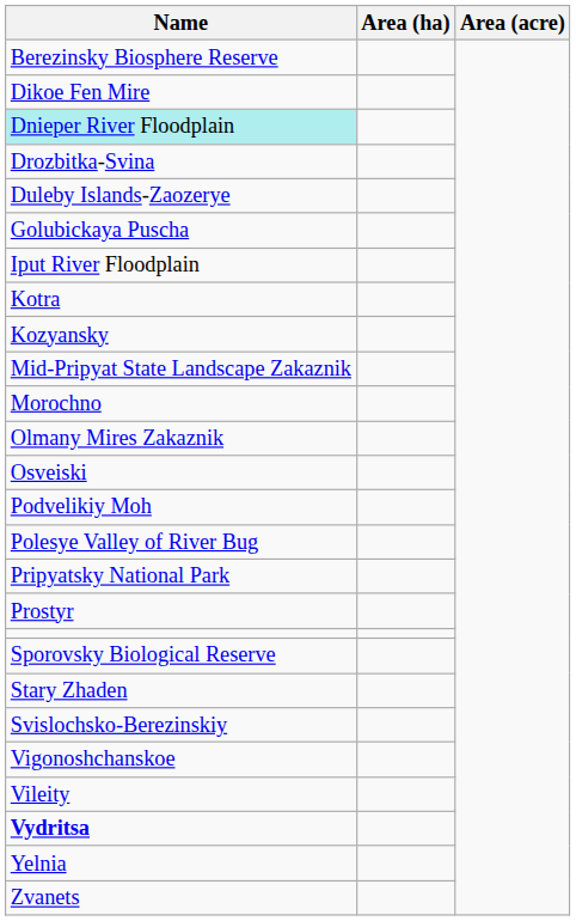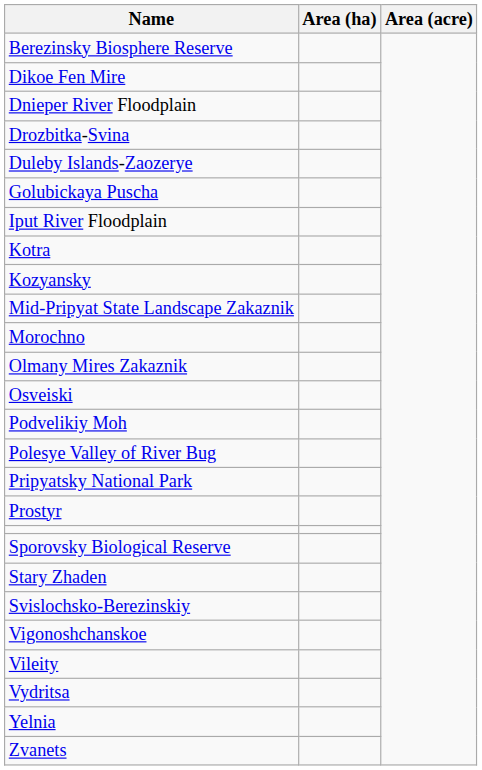 <table class="wikitable">
 <tr>
 <th scope="col" align=left>Name</th>
 <th scope="col">Area (ha)</th>
 <th scope="col">Area (acre)</th>
 </tr>
 <tr ---->
 <td><a href='#'>Berezinsky Biosphere Reserve</a></td>
 <td></td>
 </tr>
 <tr ---->
 <td><a href='#'>Dikoe Fen Mire</a></td>
 <td></td>
 </tr>
 <tr ---->
-<td style="background: paleturquoise;"><a href='#'>Dnieper River</a> Floodplain</td>
+<td><a href='#'>Dnieper River</a> Floodplain</td>
 <td></td>
 </tr>
 <tr ---->
 <td><a href='#'>Drozbitka</a>-<a href='#'>Svina</a></td>
 <td></td>
 </tr>
 <tr ---->
 <td><a href='#'>Duleby Islands</a>-<a href='#'>Zaozerye</a></td>
 <td></td>
 </tr>
 <tr ---->
 <td><a href='#'>Golubickaya Puscha</a></td>
 <td></td>
 </tr>
 <tr ---->
 <td><a href='#'>Iput River</a> Floodplain</td>
 <td></td>
 </tr>
 <tr ---->
 <td><a href='#'>Kotra</a></td>
 <td></td>
 </tr>
 <tr ---->
 <td><a href='#'>Kozyansky</a></td>
 <td></td>
 </tr>
 <tr ---->
 <td><a href='#'>Mid-Pripyat State Landscape Zakaznik</a></td>
 <td></td>
 </tr>
 <tr ---->
 <td><a href='#'>Morochno</a></td>
 <td></td>
 </tr>
 <tr ---->
 <td><a href='#'>Olmany Mires Zakaznik</a></td>
 <td></td>
 </tr>
 <tr ---->
 <td><a href='#'>Osveiski</a></td>
 <td></td>
 </tr>
 <tr ---->
 <td><a href='#'>Podvelikiy Moh</a></td>
 <td></td>
 </tr>
 <tr ---->
 <td><a href='#'>Polesye Valley of River Bug</a></td>
 <td></td>
 </tr>
 <tr ---->
 <td><a href='#'>Pripyatsky National Park</a></td>
 <td></td>
 </tr>
 <tr ---->
 <td><a href='#'>Prostyr</a></td>
 <td></td>
 </tr>
 <tr ---->
 <td></td>
 <td></td>
 </tr>
 <tr ---->
 <td><a href='#'>Sporovsky Biological Reserve</a></td>
 <td></td>
 </tr>
 <tr ---->
 <td><a href='#'>Stary Zhaden</a></td>
 <td></td>
 </tr>
 <tr ---->
 <td><a href='#'>Svislochsko-Berezinskiy</a></td>
 <td></td>
 </tr>
 <tr ---->
 <td><a href='#'>Vigonoshchanskoe</a></td>
 <td></td>
 </tr>
 <tr ---->
 <td><a href='#'>Vileity</a></td>
 <td></td>
 </tr>
 <tr ---->
-<td><strong><a href='#'>Vydritsa</a></strong></td>
+<td><a href='#'>Vydritsa</a></td>
 <td></td>
 </tr>
 <tr ---->
 <td><a href='#'>Yelnia</a></td>
 <td></td>
 </tr>
 <tr ---->
 <td><a href='#'>Zvanets</a></td>
 <td></td>
 </tr>
 </table>
